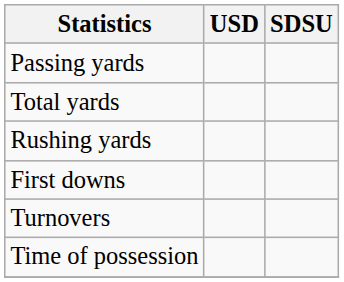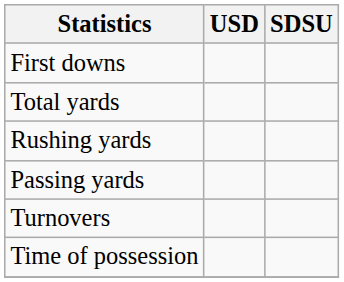 <table class="wikitable">
 <tr>
 <th>Statistics</th>
 <th>USD</th>
 <th>SDSU</th>
 </tr>
 <tr>
-<td>Passing yards</td>
+<td>First downs</td>
 <td></td>
 <td></td>
 </tr>
 <tr>
 <td>Total yards</td>
 <td></td>
 <td></td>
 </tr>
 <tr>
 <td>Rushing yards</td>
 <td></td>
 <td></td>
 </tr>
 <tr>
-<td>First downs</td>
+<td>Passing yards</td>
 <td></td>
 <td></td>
 </tr>
 <tr>
 <td>Turnovers</td>
 <td></td>
 <td></td>
 </tr>
 <tr>
 <td>Time of possession</td>
 <td></td>
 <td></td>
 </tr>
 <tr>
 </tr>
 </table>
